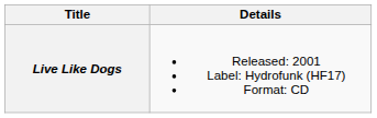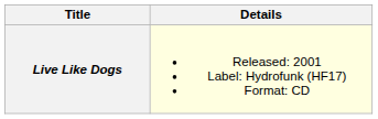 <table class="wikitable plainrowheaders" style="text-align:center;" border="1">
 <tr>
 <th scope="col" style="width:11em;">Title</th>
 <th scope="col" style="width:17em;">Details</th>
 </tr>
 <tr>
 <th scope="row"><em>Live Like Dogs</em></th>
-<td><br><ul><li>Released: 2001</li><li>Label: Hydrofunk (HF17)</li><li>Format: CD</li></ul></td>
+<td style="background: lightyellow;"><br><ul><li>Released: 2001</li><li>Label: Hydrofunk (HF17)</li><li>Format: CD</li></ul></td>
 </tr>
 </table>
